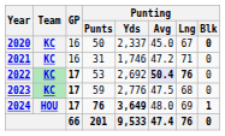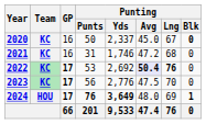 <table class="wikitable" style="text-align:center;">
 <tr>
 <th rowspan="2">Year</th>
 <th rowspan="2">Team</th>
 <th rowspan="2">GP</th>
 <th colspan="5">Punting</th>
 </tr>
 <tr>
 <th>Punts</th>
 <th>Yds</th>
 <th>Avg</th>
 <th>Lng</th>
 <th>Blk</th>
 </tr>
 <tr>
 <th><a href='#'>2020</a></th>
 <th><a href='#'>KC</a></th>
 <td>16</td>
 <td>50</td>
 <td>2,337</td>
 <td>45.0</td>
 <td>67</td>
 <td><strong>0</strong></td>
 </tr>
 <tr>
 <th><a href='#'>2021</a></th>
 <th><a href='#'>KC</a></th>
 <td>16</td>
 <td>31</td>
 <td>1,746</td>
 <td>47.2</td>
-<td>71</td>
+<td>68</td>
 <td>0</td>
 </tr>
 <tr>
 <th><a href='#'>2022</a></th>
 <th style="background:#afe6ba; width:3em;"><a href='#'>KC</a></th>
 <td><strong>17</strong></td>
 <td>53</td>
 <td>2,692</td>
 <td style="background: lavender;"><strong>50.4</strong></td>
 <td><strong>76</strong></td>
 <td>0</td>
 </tr>
 <tr>
 <th><a href='#'>2023</a></th>
 <th style="background:#afe6ba; width:3em;"><a href='#'>KC</a></th>
 <td><strong>17</strong></td>
-<td>59</td>
+<td>56</td>
 <td>2,776</td>
 <td>47.5</td>
-<td>68</td>
+<td>70</td>
 <td>0</td>
 </tr>
 <tr>
 <th><a href='#'>2024</a></th>
 <th><a href='#'>HOU</a></th>
 <td><strong>17</strong></td>
 <td><strong>76</strong></td>
 <td><strong>3,649</strong></td>
 <td>48.0</td>
 <td>69</td>
 <td><strong>1</strong></td>
 </tr>
 <tr>
 <th colspan="2"></th>
 <th>66</th>
 <th>201</th>
 <th>9,533</th>
 <th>47.4</th>
 <th>76</th>
 <th>0</th>
 </tr>
 </table>
